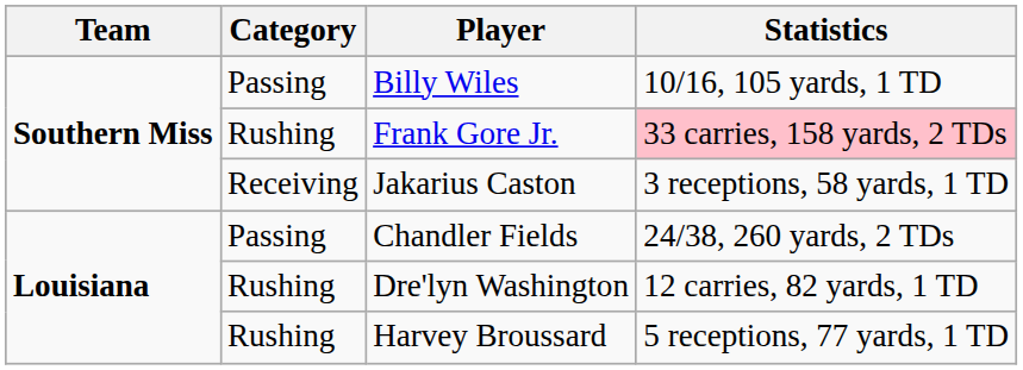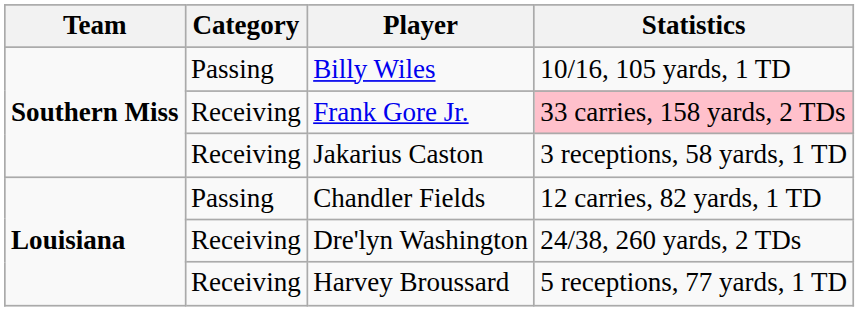 <table class="wikitable" style="float: left;">
 <tr>
 <th>Team</th>
 <th>Category</th>
 <th>Player</th>
 <th>Statistics</th>
 </tr>
 <tr>
 <td rowspan=3><strong>Southern Miss</strong></td>
 <td>Passing</td>
 <td><a href='#'>Billy Wiles</a></td>
 <td>10/16, 105 yards, 1 TD</td>
 </tr>
 <tr>
-<td>Rushing</td>
+<td>Receiving</td>
 <td><a href='#'>Frank Gore Jr.</a></td>
 <td style="background: pink;">33 carries, 158 yards, 2 TDs</td>
 </tr>
 <tr>
 <td>Receiving</td>
 <td>Jakarius Caston</td>
 <td>3 receptions, 58 yards, 1 TD</td>
 </tr>
 <tr>
 <td rowspan=3><strong>Louisiana</strong></td>
 <td>Passing</td>
 <td>Chandler Fields</td>
+<td>12 carries, 82 yards, 1 TD</td>
+</tr>
+<tr>
+<td>Receiving</td>
+<td>Dre'lyn Washington</td>
 <td>24/38, 260 yards, 2 TDs</td>
 </tr>
 <tr>
-<td>Rushing</td>
-<td>Dre'lyn Washington</td>
-<td>12 carries, 82 yards, 1 TD</td>
-</tr>
-<tr>
-<td>Rushing</td>
+<td>Receiving</td>
 <td>Harvey Broussard</td>
 <td>5 receptions, 77 yards, 1 TD</td>
 </tr>
 </table>
